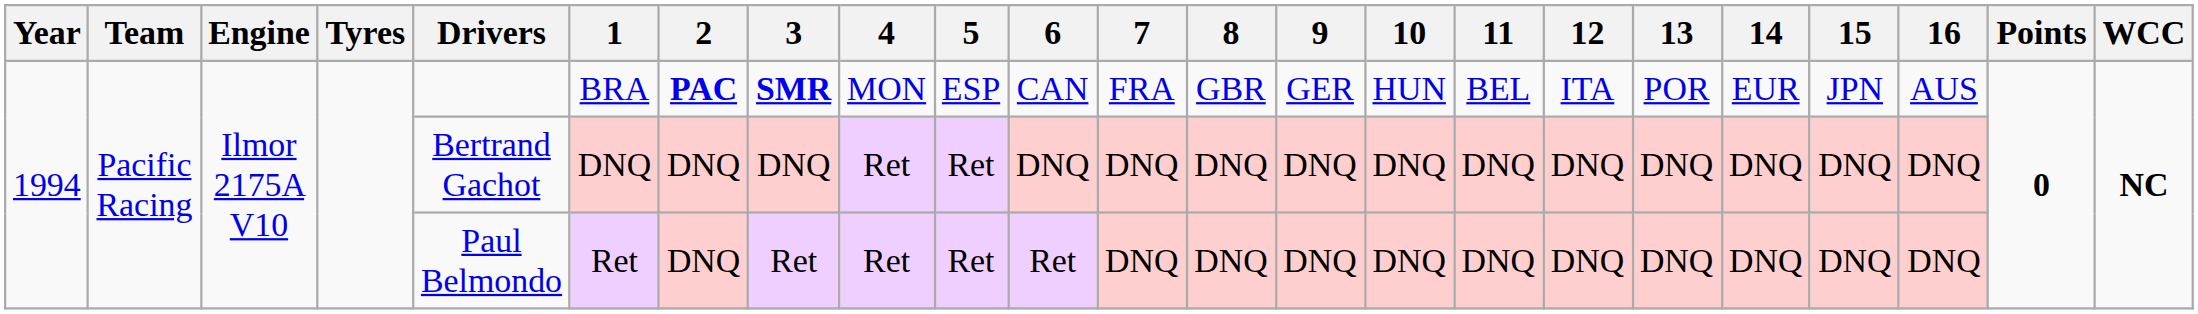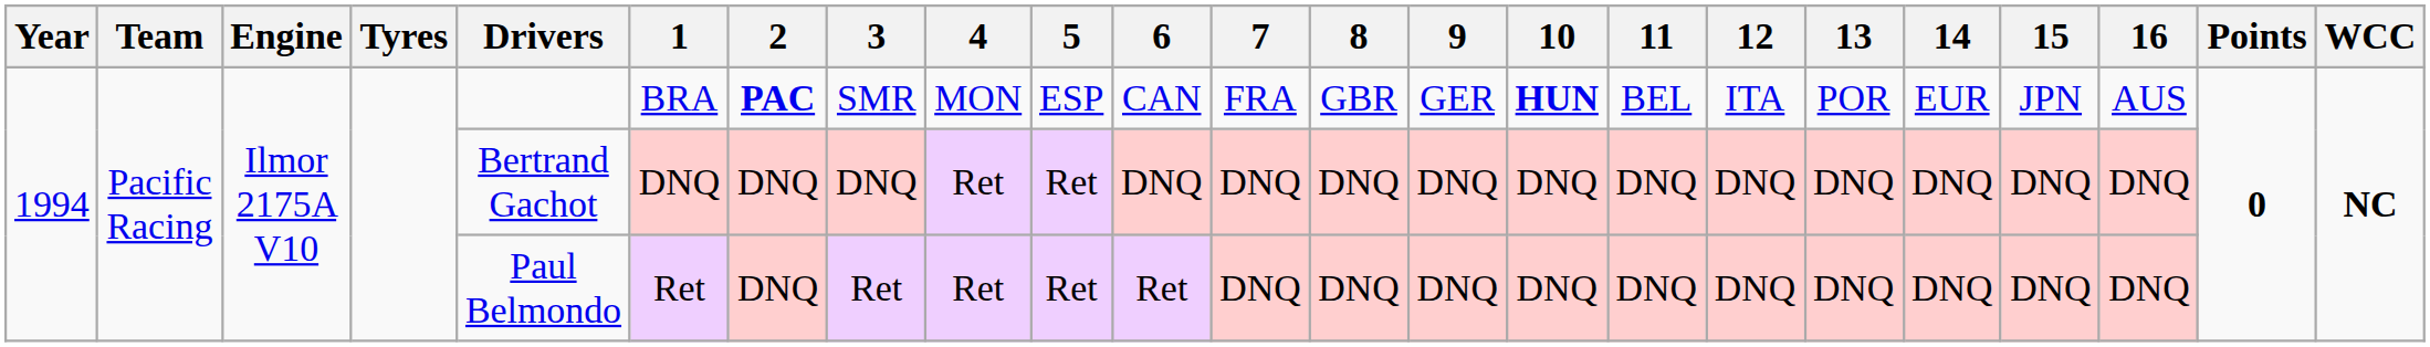 <table class="wikitable" style="text-align:center; font-size:95%">
 <tr>
 <th>Year</th>
 <th>Team</th>
 <th>Engine</th>
 <th>Tyres</th>
 <th>Drivers</th>
 <th>1</th>
 <th>2</th>
 <th>3</th>
 <th>4</th>
 <th>5</th>
 <th>6</th>
 <th>7</th>
 <th>8</th>
 <th>9</th>
 <th>10</th>
 <th>11</th>
 <th>12</th>
 <th>13</th>
 <th>14</th>
 <th>15</th>
 <th>16</th>
 <th>Points</th>
 <th>WCC</th>
 </tr>
 <tr>
 <td rowspan="3"><a href='#'>1994</a></td>
 <td rowspan="3"><a href='#'>Pacific Racing</a></td>
 <td rowspan="3"><a href='#'>Ilmor 2175A</a> <a href='#'>V10</a></td>
 <td rowspan="3"></td>
 <td></td>
 <td><a href='#'>BRA</a></td>
 <td><strong><a href='#'>PAC</a></strong></td>
-<td><strong><a href='#'>SMR</a></strong></td>
+<td><a href='#'>SMR</a></td>
 <td><a href='#'>MON</a></td>
 <td><a href='#'>ESP</a></td>
 <td><a href='#'>CAN</a></td>
 <td><a href='#'>FRA</a></td>
 <td><a href='#'>GBR</a></td>
 <td><a href='#'>GER</a></td>
-<td><a href='#'>HUN</a></td>
+<td><strong><a href='#'>HUN</a></strong></td>
 <td><a href='#'>BEL</a></td>
 <td><a href='#'>ITA</a></td>
 <td><a href='#'>POR</a></td>
 <td><a href='#'>EUR</a></td>
 <td><a href='#'>JPN</a></td>
 <td><a href='#'>AUS</a></td>
 <td rowspan="3"><strong>0</strong></td>
 <td rowspan="3"><strong>NC</strong></td>
 </tr>
 <tr>
 <td><a href='#'>Bertrand Gachot</a></td>
 <td style="background:#FFCFCF;">DNQ</td>
 <td style="background:#FFCFCF;">DNQ</td>
 <td style="background:#FFCFCF;">DNQ</td>
 <td style="background:#EFCFFF;">Ret</td>
 <td style="background:#EFCFFF;">Ret</td>
 <td style="background:#FFCFCF;">DNQ</td>
 <td style="background:#FFCFCF;">DNQ</td>
 <td style="background:#FFCFCF;">DNQ</td>
 <td style="background:#FFCFCF;">DNQ</td>
 <td style="background:#FFCFCF;">DNQ</td>
 <td style="background:#FFCFCF;">DNQ</td>
 <td style="background:#FFCFCF;">DNQ</td>
 <td style="background:#FFCFCF;">DNQ</td>
 <td style="background:#FFCFCF;">DNQ</td>
 <td style="background:#FFCFCF;">DNQ</td>
 <td style="background:#FFCFCF;">DNQ</td>
 </tr>
 <tr>
 <td><a href='#'>Paul Belmondo</a></td>
 <td style="background:#EFCFFF;">Ret</td>
 <td style="background:#FFCFCF;">DNQ</td>
 <td style="background:#EFCFFF;">Ret</td>
 <td style="background:#EFCFFF;">Ret</td>
 <td style="background:#EFCFFF;">Ret</td>
 <td style="background:#EFCFFF;">Ret</td>
 <td style="background:#FFCFCF;">DNQ</td>
 <td style="background:#FFCFCF;">DNQ</td>
 <td style="background:#FFCFCF;">DNQ</td>
 <td style="background:#FFCFCF;">DNQ</td>
 <td style="background:#FFCFCF;">DNQ</td>
 <td style="background:#FFCFCF;">DNQ</td>
 <td style="background:#FFCFCF;">DNQ</td>
 <td style="background:#FFCFCF;">DNQ</td>
 <td style="background:#FFCFCF;">DNQ</td>
 <td style="background:#FFCFCF;">DNQ</td>
 </tr>
 </table>
